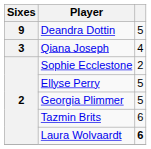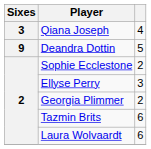 <table class="wikitable sortable" style="text-align:left;">
 <tr>
 <th scope=col>Sixes</th>
 <th scope=col>Player</th>
 <th scope=col></th>
 </tr>
 <tr>
+<th>3</th>
+<td> <a href='#'>Qiana Joseph</a></td>
+<td>4</td>
+</tr>
+<tr>
 <th>9</th>
 <td> <a href='#'>Deandra Dottin</a></td>
 <td>5</td>
-</tr>
-<tr>
-<th>3</th>
-<td> <a href='#'>Qiana Joseph</a></td>
-<td>4</td>
 </tr>
 <tr>
 <th rowspan=5>2</th>
 <td> <a href='#'>Sophie Ecclestone</a></td>
 <td>2</td>
 </tr>
 <tr>
 <td> <a href='#'>Ellyse Perry</a></td>
-<td>5</td>
+<td>3</td>
 </tr>
 <tr>
 <td> <a href='#'>Georgia Plimmer</a></td>
-<td>5</td>
+<td>2</td>
 </tr>
 <tr>
 <td> <a href='#'>Tazmin Brits</a></td>
 <td>6</td>
 </tr>
 <tr>
 <td> <a href='#'>Laura Wolvaardt</a></td>
-<td><strong>6</strong></td>
+<td>6</td>
 </tr>
 <tr>
 </tr>
 </table>
